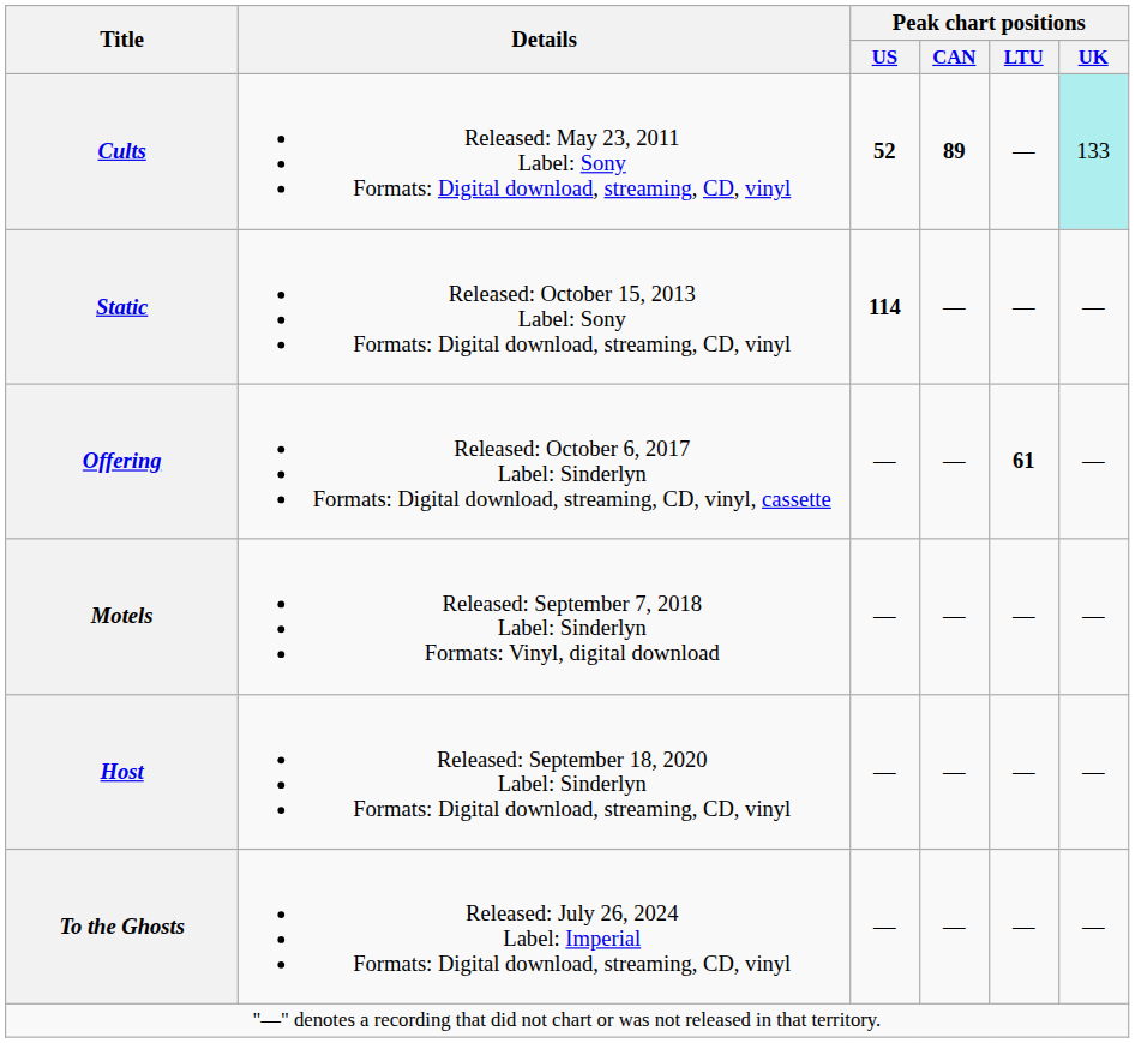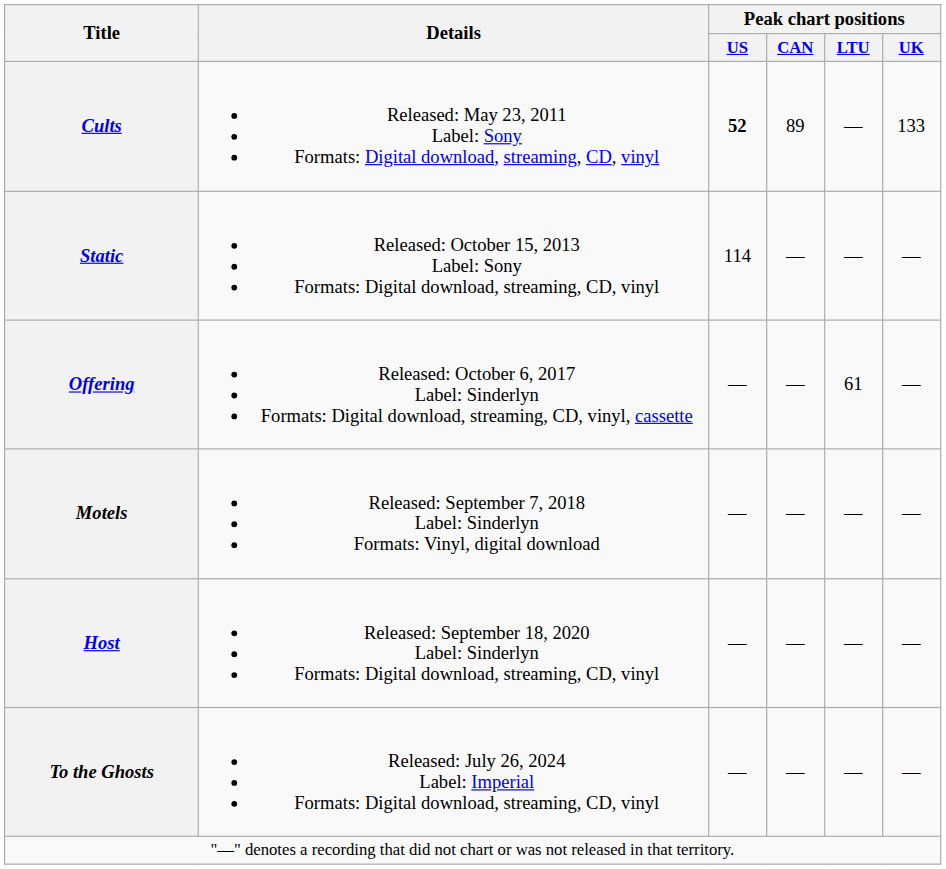 <table class="wikitable plainrowheaders" style="text-align:center;">
 <tr>
 <th scope="col" rowspan="2" style="width:10em;">Title</th>
 <th scope="col" rowspan="2" style="width:27em;">Details</th>
 <th scope="col" colspan="4">Peak chart positions</th>
 </tr>
 <tr>
 <th scope="col" style="width:3em;font-size:90%;"><a href='#'>US</a><br></th>
 <th scope="col" style="width:3em;font-size:90%;"><a href='#'>CAN</a><br></th>
 <th scope="col" style="width:3em;font-size:90%;"><a href='#'>LTU</a><br></th>
 <th scope="col" style="width:3em;font-size:90%;"><a href='#'>UK</a><br></th>
 </tr>
 <tr>
 <th scope="row"><em><a href='#'>Cults</a></em></th>
 <td><br><ul><li>Released: May 23, 2011</li><li>Label: <a href='#'>Sony</a></li><li>Formats: <a href='#'>Digital download</a>, <a href='#'>streaming</a>, <a href='#'>CD</a>, <a href='#'>vinyl</a></li></ul></td>
 <td><strong>52</strong></td>
-<td><strong>89</strong></td>
+<td>89</td>
 <td>—</td>
-<td style="background: paleturquoise;">133</td>
+<td>133</td>
 </tr>
 <tr>
 <th scope="row"><em><a href='#'>Static</a></em></th>
 <td><br><ul><li>Released: October 15, 2013</li><li>Label: Sony</li><li>Formats: Digital download, streaming, CD, vinyl</li></ul></td>
-<td><strong>114</strong></td>
+<td>114</td>
 <td>—</td>
 <td>—</td>
 <td>—</td>
 </tr>
 <tr>
 <th scope="row"><em><a href='#'>Offering</a></em></th>
 <td><br><ul><li>Released: October 6, 2017</li><li>Label: Sinderlyn</li><li>Formats: Digital download, streaming, CD, vinyl, <a href='#'>cassette</a></li></ul></td>
 <td>—</td>
 <td>—</td>
-<td><strong>61</strong></td>
+<td>61</td>
 <td>—</td>
 </tr>
 <tr>
 <th scope="row"><em>Motels</em></th>
 <td><br><ul><li>Released: September 7, 2018</li><li>Label: Sinderlyn</li><li>Formats: Vinyl, digital download</li></ul></td>
 <td>—</td>
 <td>—</td>
 <td>—</td>
 <td>—</td>
 </tr>
 <tr>
 <th scope="row"><em><a href='#'>Host</a></em></th>
 <td><br><ul><li>Released: September 18, 2020</li><li>Label: Sinderlyn</li><li>Formats: Digital download, streaming, CD, vinyl</li></ul></td>
 <td>—</td>
 <td>—</td>
 <td>—</td>
 <td>—</td>
 </tr>
 <tr>
 <th scope="row"><em>To the Ghosts</em></th>
 <td><br><ul><li>Released: July 26, 2024</li><li>Label: <a href='#'>Imperial</a></li><li>Formats: Digital download, streaming, CD, vinyl</li></ul></td>
 <td>—</td>
 <td>—</td>
 <td>—</td>
 <td>—</td>
 </tr>
 <tr>
 <td colspan="16" style="font-size:90%">"—" denotes a recording that did not chart or was not released in that territory.</td>
 </tr>
 </table>
